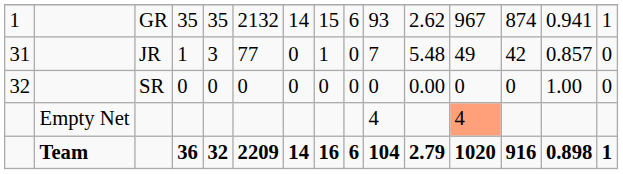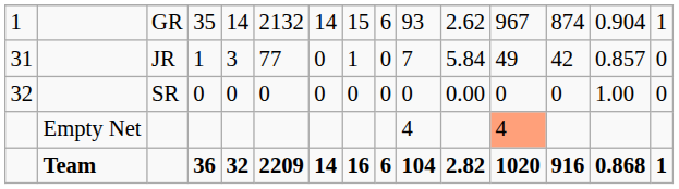 <table class="wikitable sortable">
 <tr>
 </tr>
 <tr>
 <td>1</td>
 <td></td>
 <td>GR</td>
 <td>35</td>
-<td>35</td>
+<td>14</td>
 <td>2132</td>
 <td>14</td>
 <td>15</td>
 <td>6</td>
 <td>93</td>
 <td>2.62</td>
 <td>967</td>
 <td>874</td>
-<td>0.941</td>
+<td>0.904</td>
 <td>1</td>
 </tr>
 <tr>
 <td>31</td>
 <td></td>
 <td>JR</td>
 <td>1</td>
 <td>3</td>
 <td>77</td>
 <td>0</td>
 <td>1</td>
 <td>0</td>
 <td>7</td>
-<td>5.48</td>
+<td>5.84</td>
 <td>49</td>
 <td>42</td>
 <td>0.857</td>
 <td>0</td>
 </tr>
 <tr>
 <td>32</td>
 <td></td>
 <td>SR</td>
 <td>0</td>
 <td>0</td>
 <td>0</td>
 <td>0</td>
 <td>0</td>
 <td>0</td>
 <td>0</td>
 <td>0.00</td>
 <td>0</td>
 <td>0</td>
 <td>1.00</td>
 <td>0</td>
 </tr>
 <tr>
 <td></td>
 <td>Empty Net</td>
 <td></td>
 <td></td>
 <td></td>
 <td></td>
 <td></td>
 <td></td>
 <td></td>
 <td>4</td>
 <td></td>
 <td style="background: lightsalmon;">4</td>
 <td></td>
 <td></td>
 <td></td>
 </tr>
 <tr class="sortbottom">
 <td></td>
 <td><strong>Team</strong></td>
 <td></td>
 <td><strong>36</strong></td>
 <td><strong>32</strong></td>
 <td><strong>2209</strong></td>
 <td><strong>14</strong></td>
 <td><strong>16</strong></td>
 <td><strong>6</strong></td>
 <td><strong>104</strong></td>
-<td><strong>2.79</strong></td>
+<td><strong>2.82</strong></td>
 <td><strong>1020</strong></td>
 <td><strong>916</strong></td>
-<td><strong>0.898</strong></td>
+<td><strong>0.868</strong></td>
 <td><strong>1</strong></td>
 </tr>
 </table>
